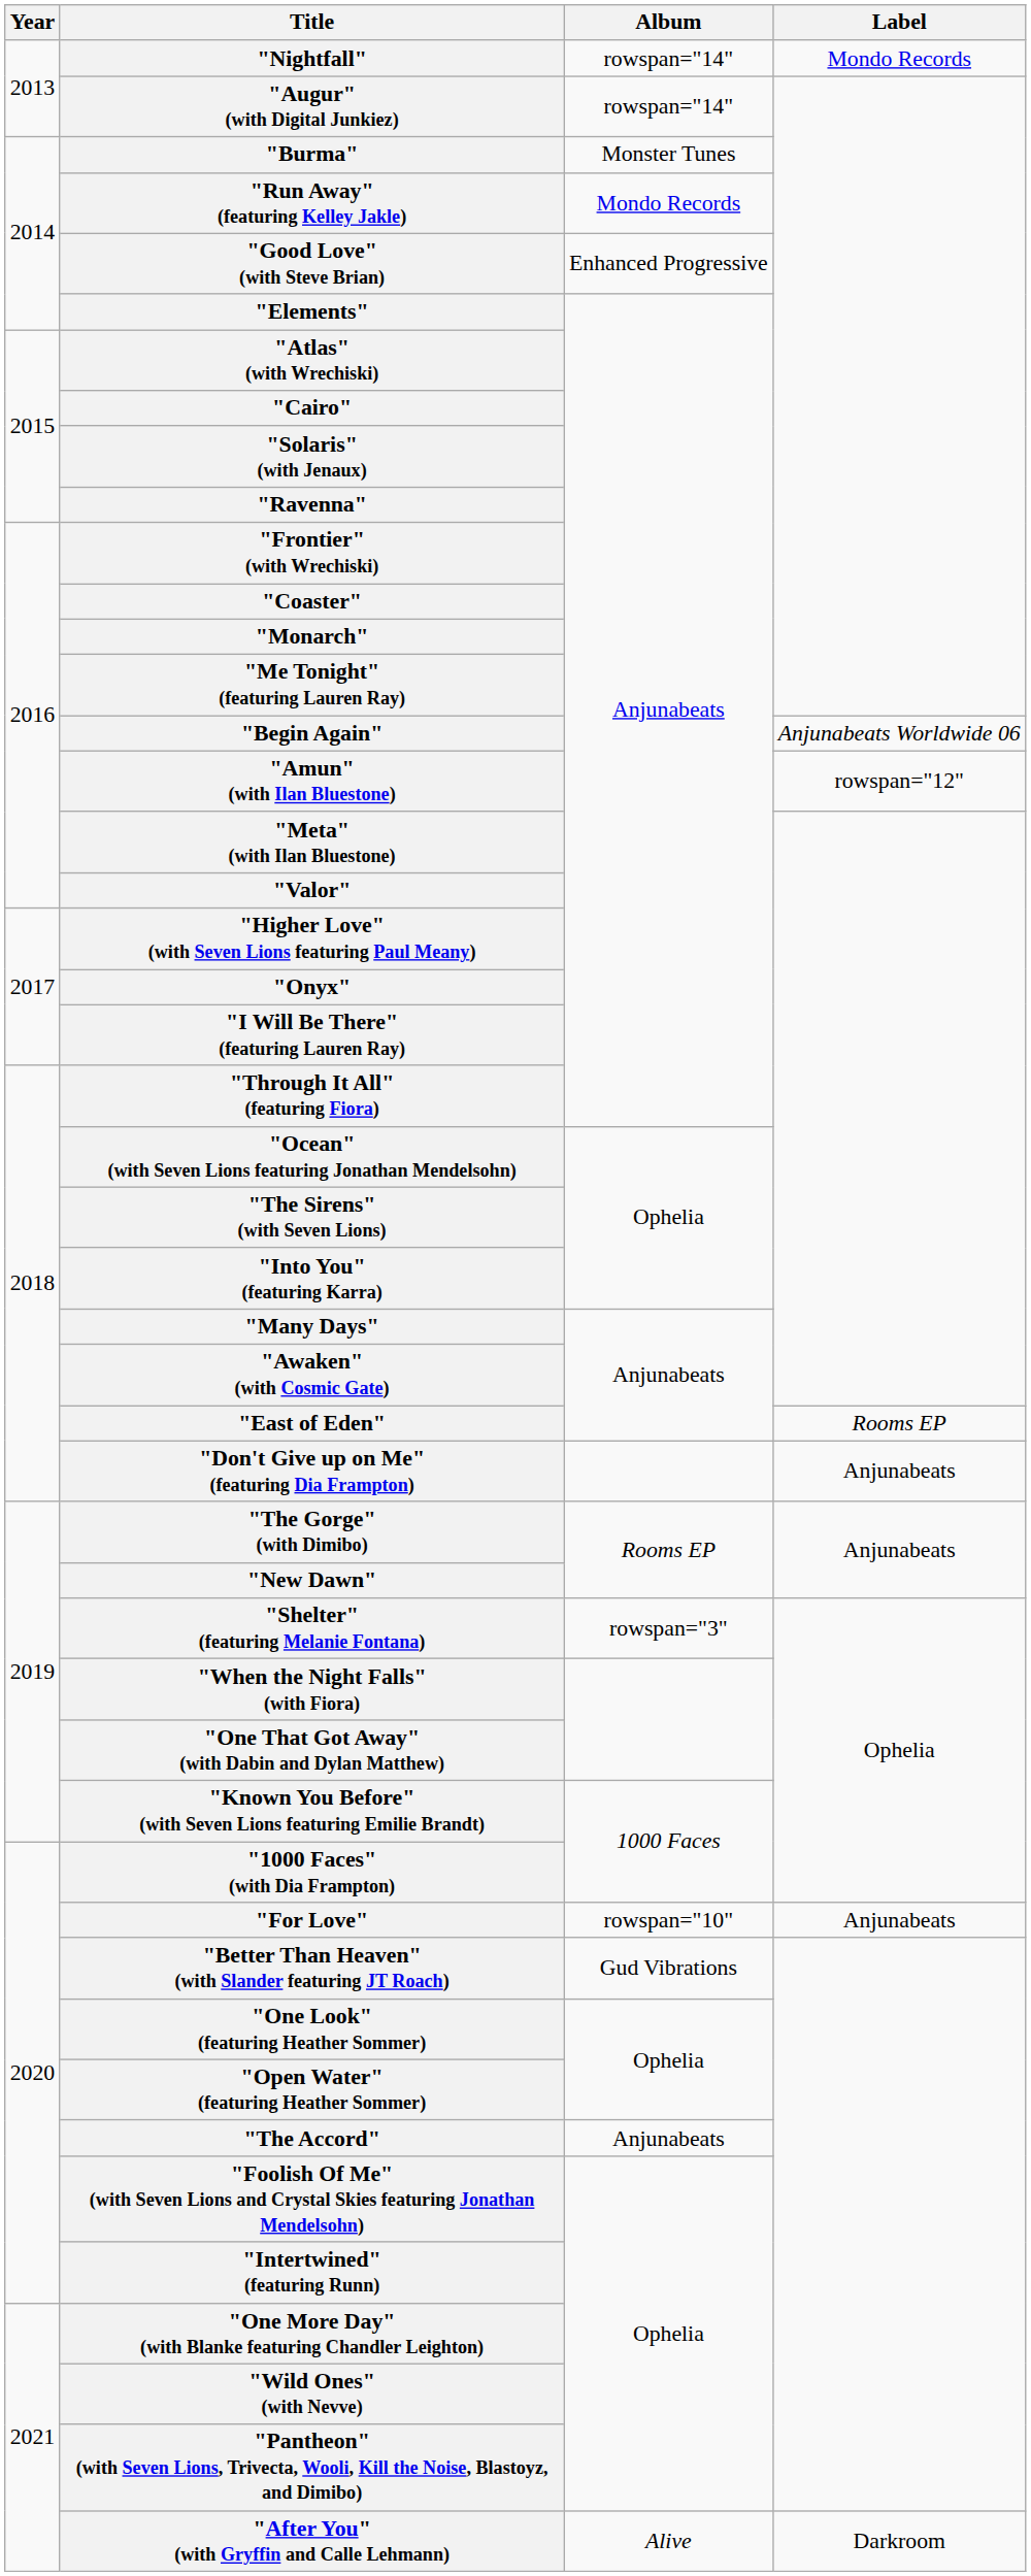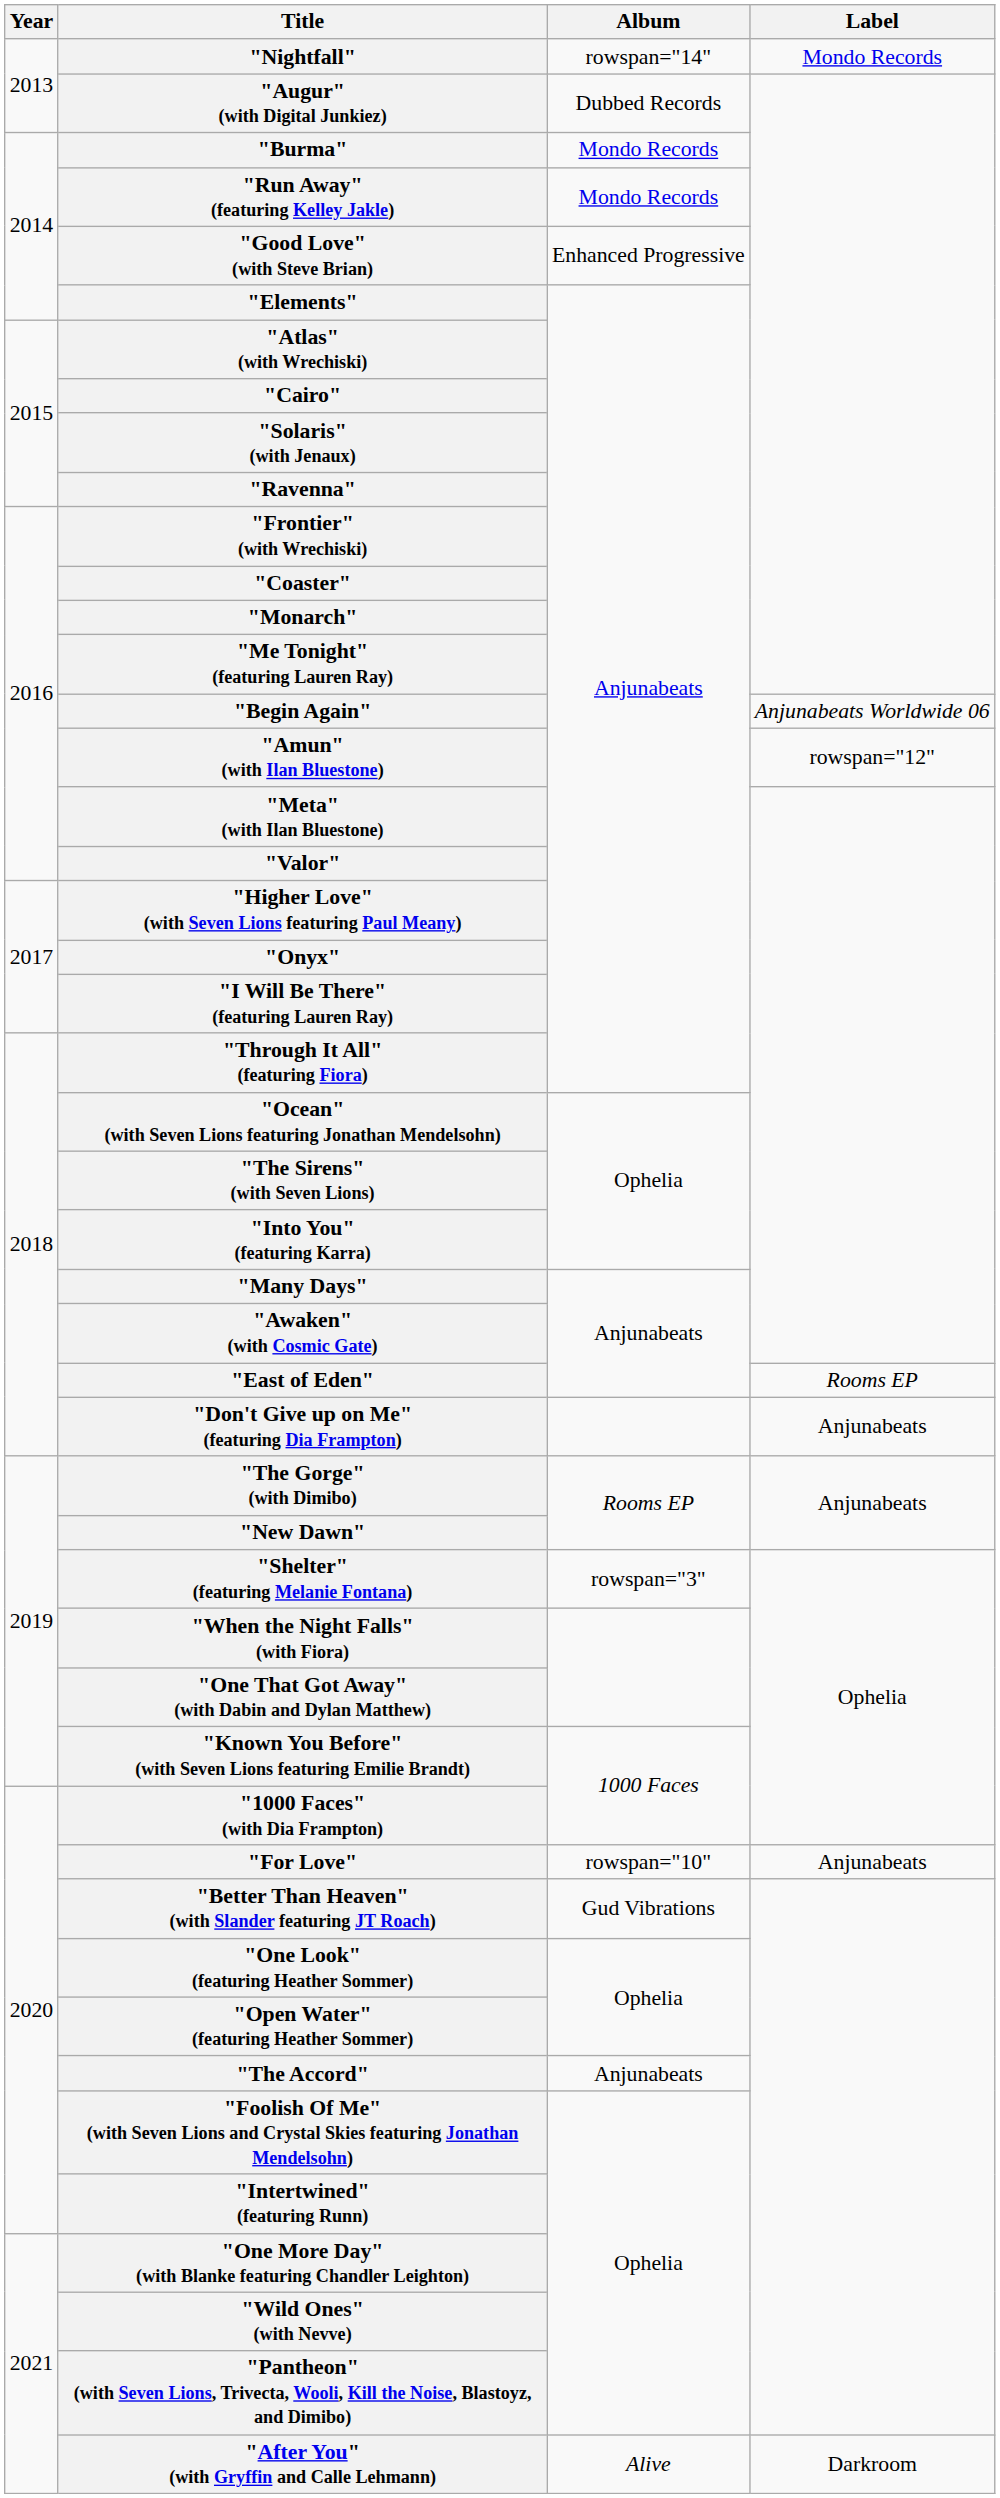 <table class="wikitable plainrowheaders" style="text-align:center;">
 <tr>
 <th scope="col">Year</th>
 <th scope="col" style="width:22em;">Title</th>
 <th scope="col">Album</th>
 <th scope="col">Label</th>
 </tr>
 <tr>
 <td rowspan="2">2013</td>
 <th scope="row">"Nightfall"</th>
 <td>rowspan="14" </td>
 <td><a href='#'>Mondo Records</a></td>
 </tr>
 <tr>
 <th scope="row">"Augur"<br><small>(with Digital Junkiez)</small></th>
-<td>rowspan="14" </td>
+<td>Dubbed Records</td>
 </tr>
 <tr>
 <td rowspan="4">2014</td>
 <th scope="row">"Burma"</th>
-<td>Monster Tunes</td>
+<td><a href='#'>Mondo Records</a></td>
 </tr>
 <tr>
 <th scope="row">"Run Away"<br><small>(featuring <a href='#'>Kelley Jakle</a>)</small></th>
 <td><a href='#'>Mondo Records</a></td>
 </tr>
 <tr>
 <th scope="row">"Good Love"<br><small>(with Steve Brian)</small></th>
 <td align="left">Enhanced Progressive</td>
 </tr>
 <tr>
 <th scope="row">"Elements"</th>
 <td rowspan="17"><a href='#'>Anjunabeats</a></td>
 </tr>
 <tr>
 <td rowspan="4">2015</td>
 <th scope="row">"Atlas"<br><small>(with Wrechiski)</small></th>
 </tr>
 <tr>
 <th scope="row">"Cairo"</th>
 </tr>
 <tr>
 <th scope="row">"Solaris"<br><small>(with Jenaux)</small></th>
 </tr>
 <tr>
 <th scope="row">"Ravenna"</th>
 </tr>
 <tr>
 <td rowspan="8">2016</td>
 <th scope="row">"Frontier"<br><small>(with Wrechiski)</small></th>
 </tr>
 <tr>
 <th scope="row">"Coaster"</th>
 </tr>
 <tr>
 <th scope="row">"Monarch"</th>
 </tr>
 <tr>
 <th scope="row">"Me Tonight"<br><small>(featuring Lauren Ray)</small></th>
 </tr>
 <tr>
 <th scope="row">"Begin Again"</th>
 <td><em>Anjunabeats Worldwide 06</em></td>
 </tr>
 <tr>
 <th scope="row">"Amun"<br><small>(with <a href='#'>Ilan Bluestone</a>)</small></th>
 <td>rowspan="12" </td>
 </tr>
 <tr>
 <th scope="row">"Meta"<br><small>(with Ilan Bluestone)</small></th>
 </tr>
 <tr>
 <th scope="row">"Valor"</th>
 </tr>
 <tr>
 <td rowspan="3">2017</td>
 <th scope="row">"Higher Love"<br><small>(with <a href='#'>Seven Lions</a> featuring <a href='#'>Paul Meany</a>)</small></th>
 </tr>
 <tr>
 <th scope="row">"Onyx"</th>
 </tr>
 <tr>
 <th scope="row">"I Will Be There"<br><small>(featuring Lauren Ray)</small></th>
 </tr>
 <tr>
 <td rowspan="8">2018</td>
 <th scope="row">"Through It All"<br><small>(featuring <a href='#'>Fiora</a>)</small></th>
 </tr>
 <tr>
 <th scope="row">"Ocean"<br><small>(with Seven Lions featuring Jonathan Mendelsohn)</small></th>
 <td rowspan="3">Ophelia</td>
 </tr>
 <tr>
 <th scope="row">"The Sirens"<br><small>(with Seven Lions)</small></th>
 </tr>
 <tr>
 <th scope="row">"Into You"<br><small>(featuring Karra)</small></th>
 </tr>
 <tr>
 <th scope="row">"Many Days"</th>
 <td rowspan="3">Anjunabeats</td>
 </tr>
 <tr>
 <th scope="row">"Awaken"<br><small>(with <a href='#'>Cosmic Gate</a>)</small></th>
 </tr>
 <tr>
 <th scope="row">"East of Eden"</th>
 <td><em>Rooms EP</em></td>
 </tr>
 <tr>
 <th scope="row">"Don't Give up on Me"<br><small>(featuring <a href='#'>Dia Frampton</a>)</small></th>
 <td></td>
 <td>Anjunabeats</td>
 </tr>
 <tr>
 <td rowspan="6">2019</td>
 <th scope="row">"The Gorge"<br><small>(with Dimibo)</small></th>
 <td rowspan="2"><em>Rooms EP</em></td>
 <td rowspan="2">Anjunabeats</td>
 </tr>
 <tr>
 <th scope="row">"New Dawn"</th>
 </tr>
 <tr>
 <th scope="row">"Shelter" <br><small>(featuring <a href='#'>Melanie Fontana</a>)</small></th>
 <td>rowspan="3" </td>
 <td rowspan="5">Ophelia</td>
 </tr>
 <tr>
 <th scope="row">"When the Night Falls" <br><small>(with Fiora)</small></th>
 </tr>
 <tr>
 <th scope="row">"One That Got Away" <br><small>(with Dabin and Dylan Matthew)</small></th>
 </tr>
 <tr>
 <th scope="row">"Known You Before" <br><small>(with Seven Lions featuring Emilie Brandt)</small></th>
 <td rowspan="2"><em>1000 Faces</em></td>
 </tr>
 <tr>
 <td rowspan="8">2020</td>
 <th scope="row">"1000 Faces" <br><small>(with Dia Frampton)</small></th>
 </tr>
 <tr>
 <th scope="row">"For Love"</th>
 <td>rowspan="10" </td>
 <td>Anjunabeats</td>
 </tr>
 <tr>
 <th scope="row">"Better Than Heaven" <br><small>(with <a href='#'>Slander</a> featuring <a href='#'>JT Roach</a>)</small></th>
 <td>Gud Vibrations</td>
 </tr>
 <tr>
 <th scope="row">"One Look" <br><small>(featuring Heather Sommer)</small></th>
 <td rowspan="2">Ophelia</td>
 </tr>
 <tr>
 <th scope="row">"Open Water" <br><small>(featuring Heather Sommer)</small></th>
 </tr>
 <tr>
 <th scope="row">"The Accord"</th>
 <td>Anjunabeats</td>
 </tr>
 <tr>
 <th scope="row">"Foolish Of Me" <br><small>(with Seven Lions and Crystal Skies featuring <a href='#'>Jonathan Mendelsohn</a>)</small></th>
 <td rowspan="5">Ophelia</td>
 </tr>
 <tr>
 <th scope="row">"Intertwined" <br><small>(featuring Runn)</small></th>
 </tr>
 <tr>
 <td rowspan="4">2021</td>
 <th scope="row">"One More Day" <br><small>(with Blanke featuring Chandler Leighton)</small></th>
 </tr>
 <tr>
 <th scope="row">"Wild Ones" <br><small>(with Nevve)</small></th>
 </tr>
 <tr>
 <th scope="row">"Pantheon" <br><small>(with <a href='#'>Seven Lions</a>, Trivecta, <a href='#'>Wooli</a>, <a href='#'>Kill the Noise</a>, Blastoyz, and Dimibo)</small></th>
 </tr>
 <tr>
 <th scope="row">"<a href='#'>After You</a>"<br><small>(with <a href='#'>Gryffin</a> and Calle Lehmann)</small></th>
 <td><em>Alive</em></td>
 <td>Darkroom</td>
 </tr>
 </table>
